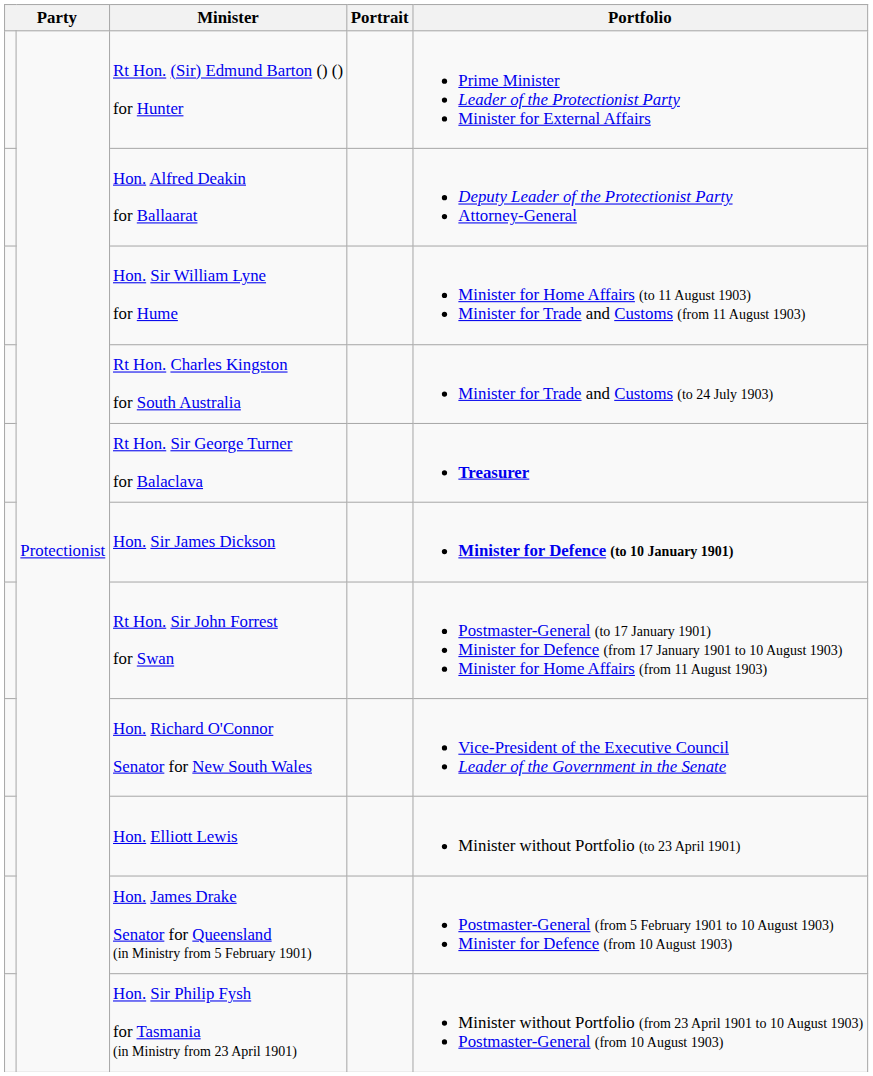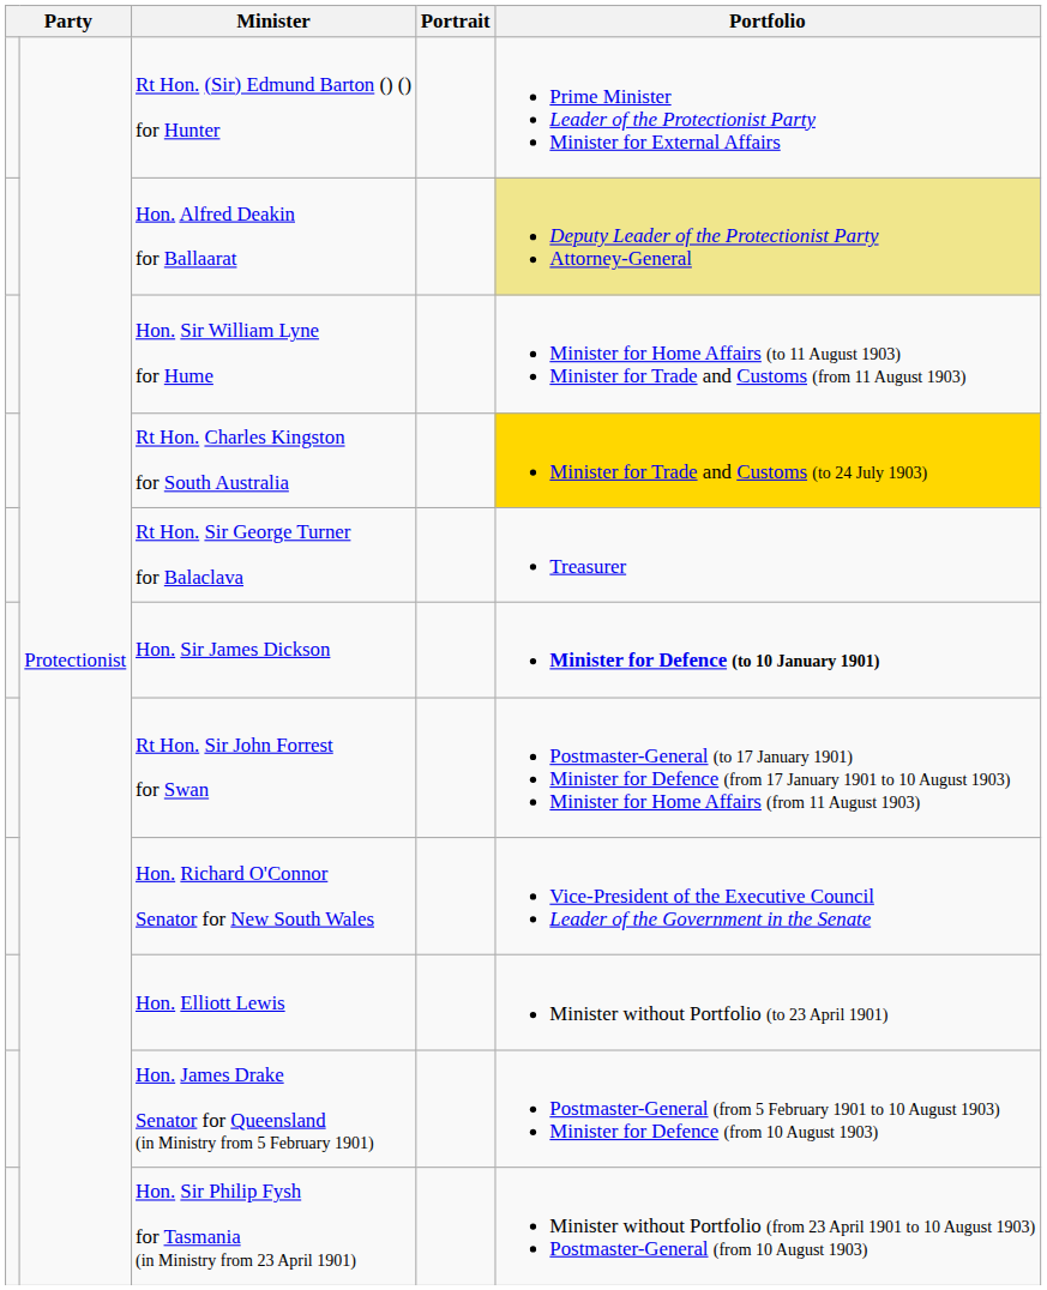 <table class="wikitable sortable">
 <tr>
 <th colspan="2">Party</th>
 <th>Minister</th>
 <th>Portrait</th>
 <th>Portfolio</th>
 </tr>
 <tr>
 <td> </td>
 <td rowspan=11><a href='#'>Protectionist</a></td>
 <td><a href='#'>Rt Hon.</a> <a href='#'>(Sir) Edmund Barton</a> () () <br><br> for <a href='#'>Hunter</a> <br></td>
 <td></td>
 <td><br><ul><li><a href='#'>Prime Minister</a></li><li><em><a href='#'>Leader of the Protectionist Party</a></em></li><li><a href='#'>Minister for External Affairs</a></li></ul></td>
 </tr>
 <tr>
 <td> </td>
 <td><a href='#'>Hon.</a> <a href='#'>Alfred Deakin</a> <br><br> for <a href='#'>Ballaarat</a> <br></td>
 <td></td>
-<td><br><ul><li><em><a href='#'>Deputy Leader of the Protectionist Party</a></em></li><li><a href='#'>Attorney-General</a></li></ul></td>
+<td style="background: khaki;"><br><ul><li><em><a href='#'>Deputy Leader of the Protectionist Party</a></em></li><li><a href='#'>Attorney-General</a></li></ul></td>
 </tr>
 <tr>
 <td> </td>
 <td><a href='#'>Hon.</a> <a href='#'>Sir William Lyne</a>  <br><br> for <a href='#'>Hume</a><br></td>
 <td></td>
 <td><br><ul><li><a href='#'>Minister for Home Affairs</a> <small>(to 11 August 1903)</small></li><li><a href='#'>Minister for Trade</a> and <a href='#'>Customs</a> <small>(from 11 August 1903)</small></li></ul></td>
 </tr>
 <tr>
 <td> </td>
 <td><a href='#'>Rt Hon.</a> <a href='#'>Charles Kingston</a>  <br><br> for <a href='#'>South Australia</a> <br></td>
 <td></td>
-<td><br><ul><li><a href='#'>Minister for Trade</a> and <a href='#'>Customs</a> <small>(to 24 July 1903)</small></li></ul></td>
+<td style="background: gold;"><br><ul><li><a href='#'>Minister for Trade</a> and <a href='#'>Customs</a> <small>(to 24 July 1903)</small></li></ul></td>
 </tr>
 <tr>
 <td> </td>
 <td><a href='#'>Rt Hon.</a> <a href='#'>Sir George Turner</a>  <br><br> for <a href='#'>Balaclava</a> <br></td>
 <td></td>
-<td><strong><br><ul><li><a href='#'>Treasurer</a></li></ul></strong></td>
+<td><br><ul><li><a href='#'>Treasurer</a></li></ul></td>
 </tr>
 <tr>
 <td> </td>
 <td><a href='#'>Hon.</a> <a href='#'>Sir James Dickson</a>  <br></td>
 <td></td>
 <td><strong><br><ul><li><a href='#'>Minister for Defence</a> <small>(to 10 January 1901)</small></li></ul></strong></td>
 </tr>
 <tr>
 <td> </td>
 <td><a href='#'>Rt Hon.</a> <a href='#'>Sir John Forrest</a>  <br><br> for <a href='#'>Swan</a> <br></td>
 <td></td>
 <td><br><ul><li><a href='#'>Postmaster-General</a> <small>(to 17 January 1901)</small></li><li><a href='#'>Minister for Defence</a> <small>(from 17 January 1901 to 10 August 1903)</small></li><li><a href='#'>Minister for Home Affairs</a> <small>(from 11 August 1903)</small></li></ul></td>
 </tr>
 <tr>
 <td> </td>
 <td><a href='#'>Hon.</a> <a href='#'>Richard O'Connor</a>  <br><br><a href='#'>Senator</a> for <a href='#'>New South Wales</a> <br></td>
 <td></td>
 <td><br><ul><li><a href='#'>Vice-President of the Executive Council</a></li><li><em><a href='#'>Leader of the Government in the Senate</a></em></li></ul></td>
 </tr>
 <tr>
 <td> </td>
 <td><a href='#'>Hon.</a> <a href='#'>Elliott Lewis</a> <br></td>
 <td></td>
 <td><br><ul><li>Minister without Portfolio <small>(to 23 April 1901)</small></li></ul></td>
 </tr>
 <tr>
 <td> </td>
 <td><a href='#'>Hon.</a> <a href='#'>James Drake</a> <br><br><a href='#'>Senator</a> for <a href='#'>Queensland</a> <br> <small>(in Ministry from 5 February 1901)</small></td>
 <td></td>
 <td><br><ul><li><a href='#'>Postmaster-General</a> <small>(from 5 February 1901 to 10 August 1903)</small></li><li><a href='#'>Minister for Defence</a> <small>(from 10 August 1903)</small></li></ul></td>
 </tr>
 <tr>
 <td> </td>
 <td><a href='#'>Hon.</a> <a href='#'>Sir Philip Fysh</a>  <br><br> for <a href='#'>Tasmania</a> <br>  <small>(in Ministry from 23 April 1901)</small></td>
 <td></td>
 <td><br><ul><li>Minister without Portfolio <small>(from 23 April 1901 to 10 August 1903)</small></li><li><a href='#'>Postmaster-General</a> <small>(from 10 August 1903)</small></li></ul></td>
 </tr>
 </table>
